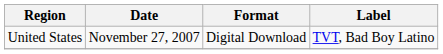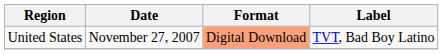 <table class=wikitable>
 <tr>
 <th>Region</th>
 <th>Date</th>
 <th>Format</th>
 <th>Label</th>
 </tr>
 <tr>
 <td>United States</td>
 <td>November 27, 2007</td>
-<td>Digital Download</td>
+<td style="background: lightsalmon;">Digital Download</td>
 <td><a href='#'>TVT</a>, Bad Boy Latino</td>
 </tr>
 <tr>
 </tr>
 </table>
